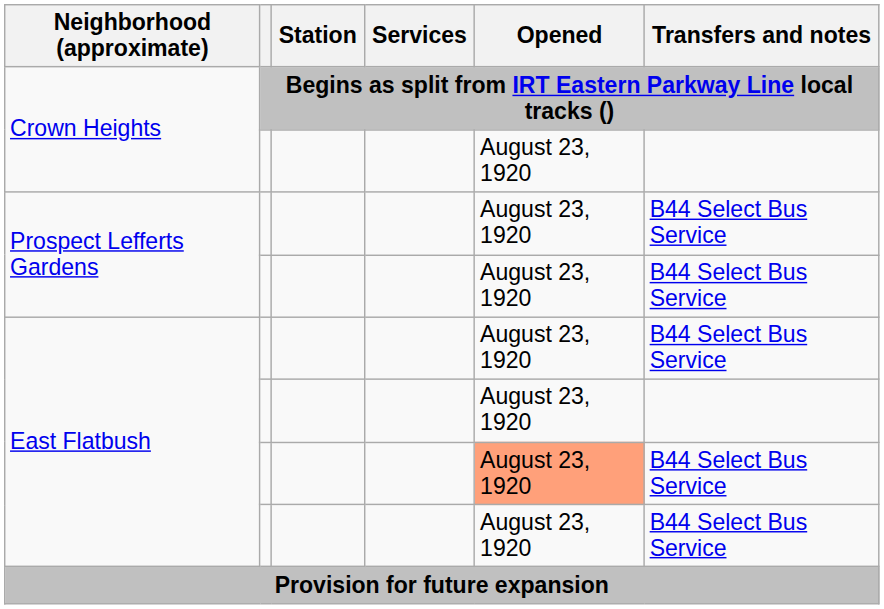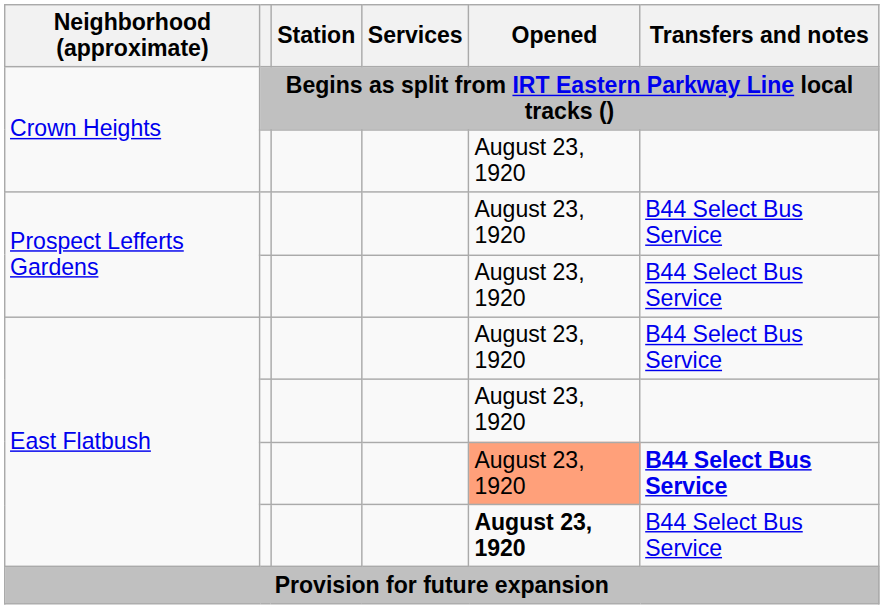 <table class="wikitable">
 <tr>
 <th>Neighborhood<br>(approximate)</th>
 <th></th>
 <th>Station</th>
 <th>Services</th>
 <th>Opened</th>
 <th>Transfers and notes</th>
 </tr>
 <tr>
 <td rowspan=2><a href='#'>Crown Heights</a></td>
 <th colspan=6 style="background-color: silver;">Begins as split from <a href='#'>IRT Eastern Parkway Line</a> local tracks ()</th>
 </tr>
 <tr>
 <td></td>
 <td></td>
 <td></td>
 <td>August 23, 1920</td>
 <td></td>
 </tr>
 <tr>
 <td rowspan=2><a href='#'>Prospect Lefferts Gardens</a></td>
 <td></td>
 <td></td>
 <td></td>
 <td>August 23, 1920</td>
 <td><a href='#'>B44 Select Bus Service</a></td>
 </tr>
 <tr>
 <td></td>
 <td></td>
 <td></td>
 <td>August 23, 1920</td>
 <td><a href='#'>B44 Select Bus Service</a></td>
 </tr>
 <tr>
 <td rowspan=4><a href='#'>East Flatbush</a></td>
 <td></td>
 <td></td>
 <td></td>
 <td>August 23, 1920</td>
 <td><a href='#'>B44 Select Bus Service</a></td>
 </tr>
 <tr>
 <td></td>
 <td></td>
 <td></td>
 <td>August 23, 1920</td>
 <td></td>
 </tr>
 <tr>
 <td></td>
 <td></td>
 <td></td>
 <td style="background: lightsalmon;">August 23, 1920</td>
-<td><a href='#'>B44 Select Bus Service</a></td>
+<td><strong><a href='#'>B44 Select Bus Service</a></strong></td>
 </tr>
 <tr>
 <td></td>
 <td></td>
 <td></td>
-<td>August 23, 1920</td>
+<td><strong>August 23, 1920</strong></td>
 <td><a href='#'>B44 Select Bus Service</a></td>
 </tr>
 <tr>
 <th colspan=7 style="background-color: silver;">Provision for future expansion</th>
 </tr>
 </table>
